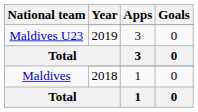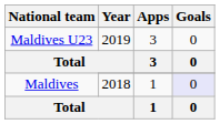 <table class="wikitable" style="text-align:center">
 <tr>
 <th>National team</th>
 <th>Year</th>
 <th>Apps</th>
 <th>Goals</th>
 </tr>
 <tr>
 <td rowspan=2><a href='#'>Maldives U23</a></td>
 </tr>
 <tr>
 <td>2019</td>
 <td>3</td>
 <td>0</td>
 </tr>
 <tr>
 <th colspan=2>Total</th>
 <th>3</th>
 <th>0</th>
 </tr>
 <tr>
 <td rowspan=2><a href='#'>Maldives</a></td>
 </tr>
 <tr>
 <td>2018</td>
 <td>1</td>
-<td>0</td>
+<td style="background: lavender;">0</td>
 </tr>
 <tr>
 <th colspan=2>Total</th>
 <th>1</th>
 <th>0</th>
 </tr>
 </table>
